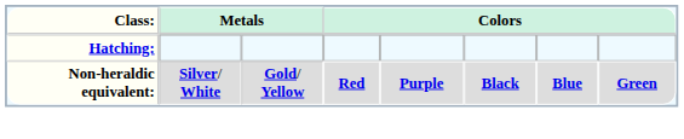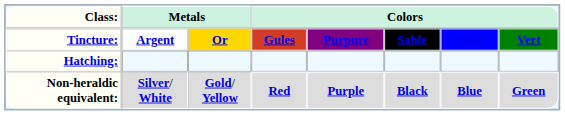 <table class="wikitable" style="width:50%; margin:auto; border:2px solid #A3B1BF; font-size:90%; text-align:center; border-collapse:separate; border-spacing:0; background-color:#eefaff; ">
 <tr>
 <th style="background:#FFFFF5; border-top: 1px solid white; border-left: 1px solid white; border-right: 2px solid #ccc; border-bottom: 2px solid #ccc; border-radius: 12px 0 0 0; text-align:right;">Class:</th>
 <th colspan="2" style="background:#cef2e0; border-top: 1px solid white; border-left: 1px solid #ccc; border-right: 1px solid #ccc; border-bottom: 2px solid #ccc;">Metals</th>
 <th colspan="5" style="background:#cef2e0; border-top: 1px solid white; border-left: 1px solid #ccc; border-right: 1px solid white; border-bottom: 2px solid #ccc; border-radius: 0 12px 0 0;">Colors</th>
+</tr>
+<tr>
+<th style="background-color:#FFFFF5; border-top: 1px solid #ccc; border-left: 1px solid white; border-right: 2px solid #ccc; border-bottom: 1px solid #ccc; text-align:right;"><a href='#'><span><strong>Tincture:</strong></span></a></th>
+<td style="background:white; border-top: 1px solid #ccc; border-left: 1px solid #ccc; border-right: 1px solid #ccc; border-bottom: 1px solid #ccc;"><a href='#'><span><strong>Argent</strong></span></a></td>
+<td style="background:gold; border-top: 1px solid #ccc; border-left: 1px solid #ccc; border-right: 1px solid #ccc; border-bottom: 1px solid #ccc;"><a href='#'><span><strong>Or</strong></span></a></td>
+<td style="background:#d13c24; border-top: 1px solid #ccc; border-left: 1px solid white; border-right: 1px solid white; border-bottom: 1px solid white;"><a href='#'><span><strong>Gules</strong></span></a></td>
+<td style="background:purple; border-top: 1px solid #ccc; border-left: 1px solid white; border-right: 1px solid white; border-bottom: 1px solid white;"><a href='#'><span><strong>Purpure</strong></span></a></td>
+<td style="background:black; border-top: 1px solid #ccc; border-left: 1px solid white; border-right: 1px solid white; border-bottom: 1px solid white;"><a href='#'><span><strong>Sable</strong></span></a></td>
+<td style="background:blue; border-top: 1px solid #ccc; border-left: 1px solid white; border-right: 1px solid white; border-bottom: 1px solid white;"><a href='#'><span><strong>Azure</strong></span></a></td>
+<td style="background:green; border-top: 1px solid #ccc; border-left: 1px solid white; border-right: 1px solid white; border-bottom: 1px solid white; color: white;"><a href='#'><span><strong>Vert</strong></span></a></td>
 </tr>
 <tr>
 <th style="background-color:#FFFFF5; border-top: 1px solid #ccc; border-left: 1px solid white; border-right: 2px solid #ccc; border-bottom: 1px solid #ccc; text-align:right;"><a href='#'><span><strong>Hatching:</strong></span></a></th>
 <td></td>
 <td></td>
 <td></td>
 <td></td>
 <td></td>
 <td></td>
 <td></td>
 </tr>
 <tr>
 <th style="background-color:#FFFFF5; border-top: 1px solid #ccc; border-left: 1px solid white; border-right: 2px solid #ccc; border-bottom: 1px solid white; text-align:right; border-radius:0 0 0 12px;">Non-heraldic<br>equivalent:</th>
 <td style="background:#ddd; border-top: 1px solid #ccc; border-left: 1px solid #ccc; border-right: 1px solid white; border-bottom: 1px solid white;"><a href='#'><strong>Silver</strong></a>/<br><strong><a href='#'>White</a></strong></td>
 <td style="background:#ddd; border-top: 1px solid #ccc; border-left: 1px solid #ccc; border-right: 1px solid white; border-bottom: 1px solid white;"><a href='#'><strong>Gold</strong></a>/<br><strong><a href='#'>Yellow</a></strong></td>
 <td style="background:#ddd; border-top: 1px solid white; border-left: 1px solid white; border-right: 1px solid white; border-bottom: 1px solid white;"><strong><a href='#'>Red</a></strong></td>
 <td style="background:#ddd; border-top: 1px solid white; border-left: 1px solid white; border-right: 1px solid white; border-bottom: 1px solid white;"><strong><a href='#'>Purple</a></strong></td>
 <td style="background:#ddd; border-top: 1px solid white; border-left: 1px solid white; border-right: 1px solid white; border-bottom: 1px solid white;"><strong><a href='#'>Black</a></strong></td>
 <td style="background:#ddd; border-top: 1px solid white; border-left: 1px solid white; border-right: 1px solid white; border-bottom: 1px solid white;"><strong><a href='#'>Blue</a></strong></td>
 <td style="background:#ddd; border-radius:0 0 12px 0; border:1px solid white;"><strong><a href='#'>Green</a></strong></td>
 </tr>
 </table>
